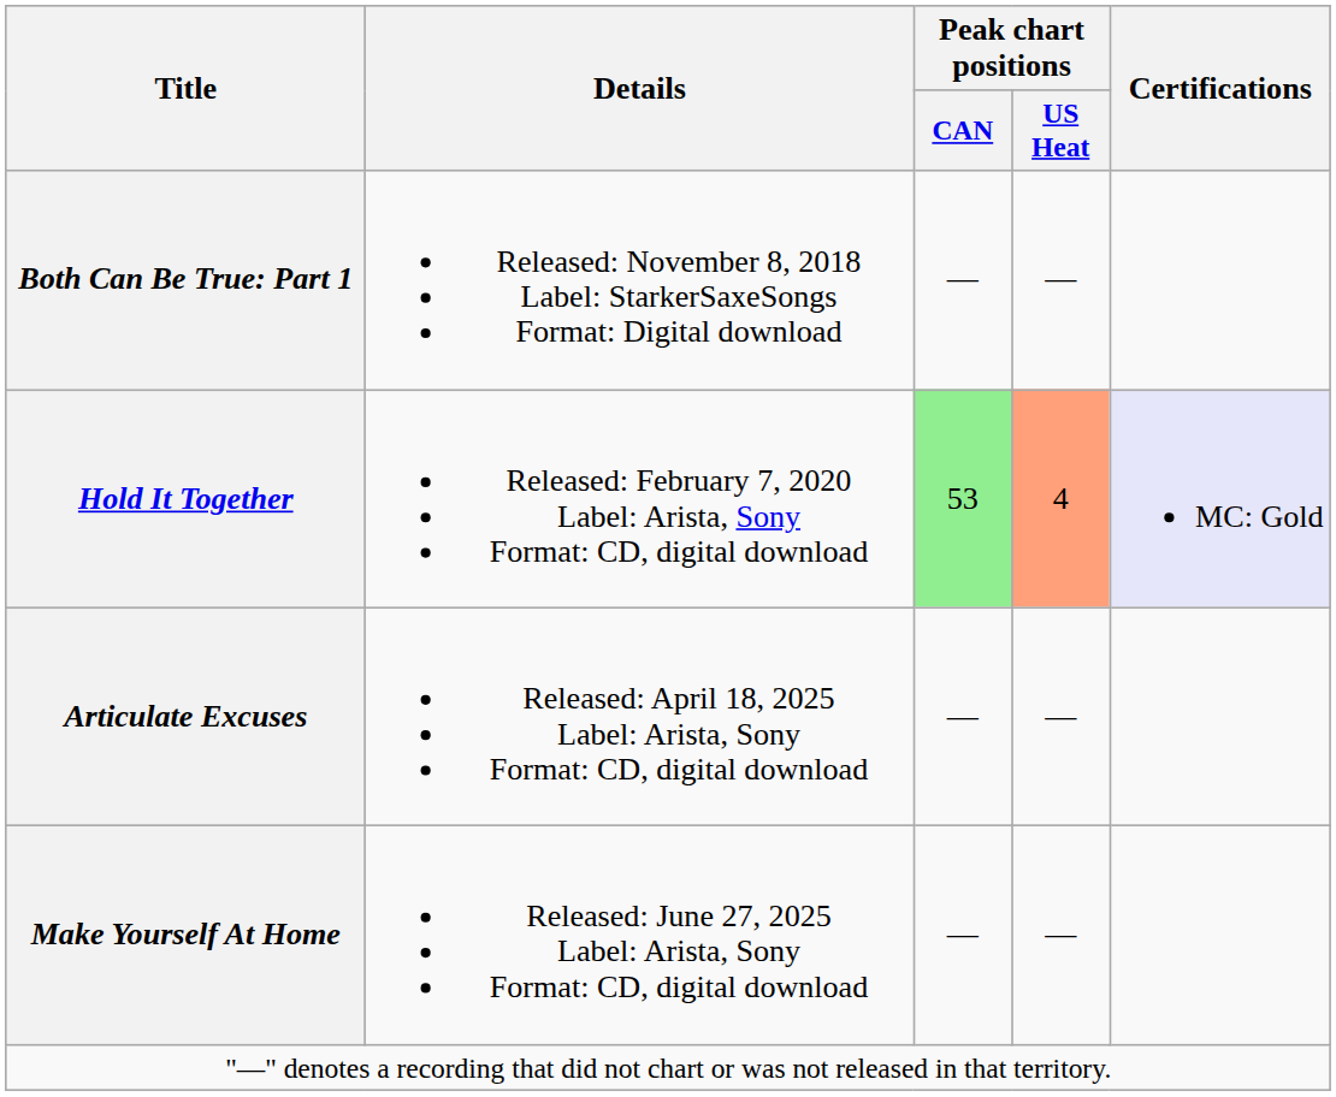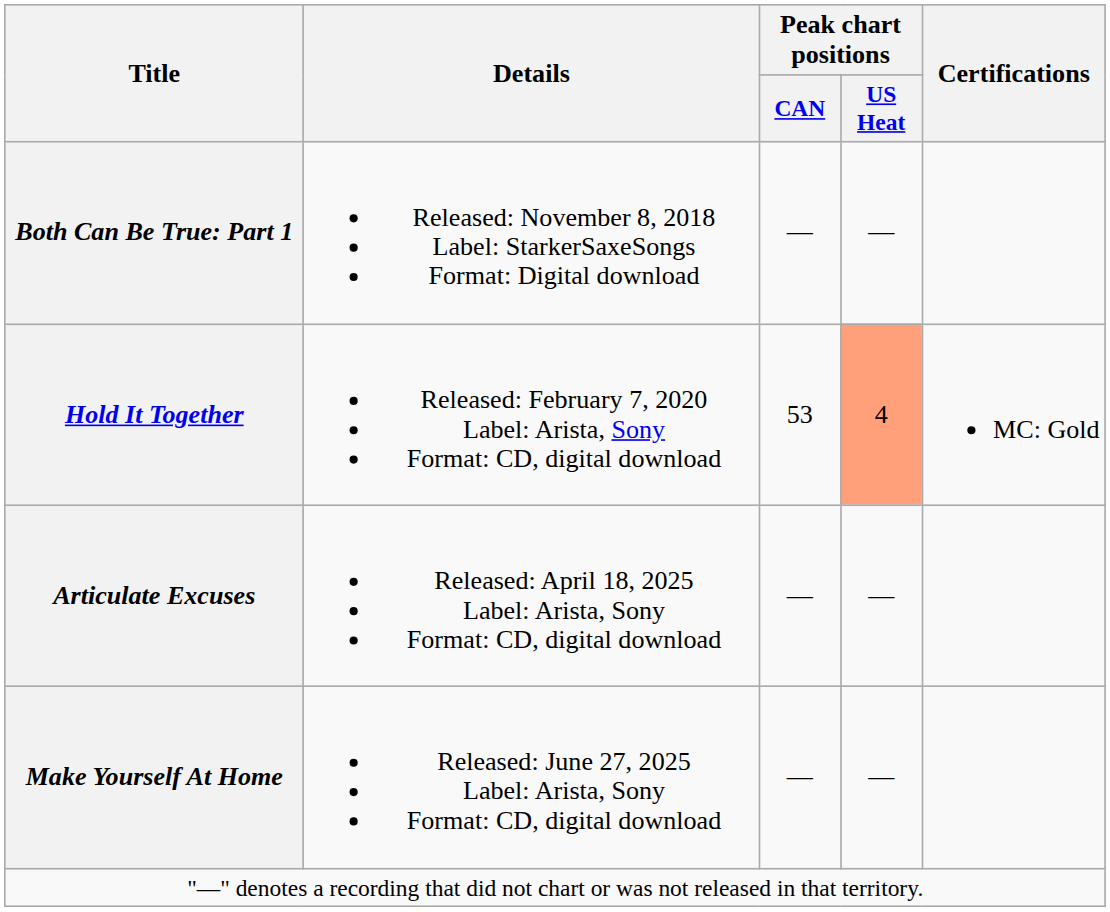 <table class="wikitable plainrowheaders" style="text-align:center;" border="1">
 <tr>
 <th scope="col" rowspan="2" style="width:11em;">Title</th>
 <th scope="col" rowspan="2" style="width:17em;">Details</th>
 <th scope="col" colspan="2">Peak chart positions</th>
 <th scope="col" rowspan="2">Certifications</th>
 </tr>
 <tr>
 <th scope="col" style="width:3em;font-size:90%;"><a href='#'>CAN</a><br></th>
 <th scope="col" style="width:3em;font-size:90%;"><a href='#'>US Heat</a><br></th>
 </tr>
 <tr>
 <th scope="row"><em>Both Can Be True: Part 1</em></th>
 <td><br><ul><li>Released: November 8, 2018</li><li>Label: StarkerSaxeSongs</li><li>Format: Digital download</li></ul></td>
 <td>—</td>
 <td>—</td>
 <td></td>
 </tr>
 <tr>
 <th scope="row"><em><a href='#'>Hold It Together</a></em></th>
 <td><br><ul><li>Released: February 7, 2020</li><li>Label: Arista, <a href='#'>Sony</a></li><li>Format: CD, digital download</li></ul></td>
-<td style="background: lightgreen;">53</td>
+<td>53</td>
 <td style="background: lightsalmon;">4</td>
-<td style="background: lavender;"><br><ul><li>MC: Gold</li></ul></td>
+<td><br><ul><li>MC: Gold</li></ul></td>
 </tr>
 <tr>
 <th scope="row"><em>Articulate Excuses</em></th>
 <td><br><ul><li>Released: April 18, 2025</li><li>Label: Arista, Sony</li><li>Format: CD, digital download</li></ul></td>
 <td>—</td>
 <td>—</td>
 <td></td>
 </tr>
 <tr>
 <th scope="row"><em>Make Yourself At Home</em></th>
 <td><br><ul><li>Released: June 27, 2025</li><li>Label: Arista, Sony</li><li>Format: CD, digital download</li></ul></td>
 <td>—</td>
 <td>—</td>
 <td></td>
 </tr>
 <tr>
 <td colspan="20" style="font-size:90%">"—" denotes a recording that did not chart or was not released in that territory.</td>
 </tr>
 </table>
